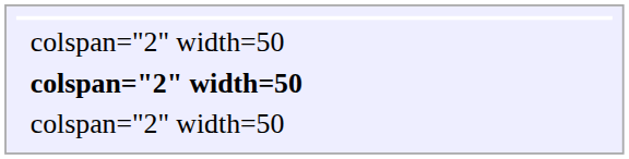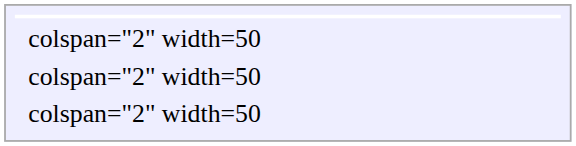 <table class="infobox" style="width:22em; text-align:left; font-size:90%; vertical-align:middle; background:#eef;">
 <tr style="background:white;">
 <td colspan="3" style="text-align:center;"></td>
 </tr>
 <tr>
 <td></td>
 <td>colspan="2" width=50  </td>
 <td></td>
 </tr>
 <tr>
 <td></td>
-<td><strong>colspan="2" width=50  </strong></td>
+<td>colspan="2" width=50  </td>
 <td></td>
 </tr>
 <tr>
 <td></td>
 <td>colspan="2" width=50  </td>
 </tr>
 </table>
